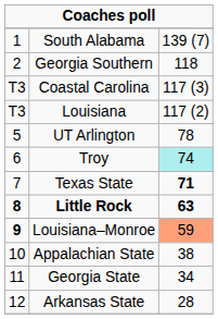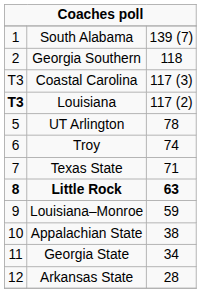 <table class="wikitable">
 <tr align="center">
 <td align="center" Colspan="3"><strong>Coaches poll</strong></td>
 </tr>
 <tr align="center">
 </tr>
 <tr align="center">
 <td>1</td>
 <td>South Alabama</td>
 <td>139 (7)</td>
 </tr>
 <tr align="center">
 <td>2</td>
 <td>Georgia Southern</td>
 <td>118</td>
 </tr>
 <tr align="center">
 <td>T3</td>
 <td>Coastal Carolina</td>
 <td>117 (3)</td>
 </tr>
 <tr align="center">
-<td>T3</td>
+<td><strong>T3</strong></td>
 <td>Louisiana</td>
 <td>117 (2)</td>
 </tr>
 <tr align="center">
 <td>5</td>
 <td>UT Arlington</td>
 <td>78</td>
 </tr>
 <tr align="center">
 <td>6</td>
 <td>Troy</td>
-<td style="background: paleturquoise;">74</td>
+<td>74</td>
 </tr>
 <tr align="center">
 <td>7</td>
 <td>Texas State</td>
-<td><strong>71</strong></td>
+<td>71</td>
 </tr>
 <tr align="center">
 <td><strong>8</strong></td>
 <td><strong>Little Rock</strong></td>
 <td><strong>63</strong></td>
 </tr>
 <tr align="center">
-<td><strong>9</strong></td>
+<td>9</td>
 <td>Louisiana–Monroe</td>
-<td style="background: lightsalmon;">59</td>
+<td>59</td>
 </tr>
 <tr align="center">
 <td>10</td>
 <td>Appalachian State</td>
 <td>38</td>
 </tr>
 <tr align="center">
 <td>11</td>
 <td>Georgia State</td>
 <td>34</td>
 </tr>
 <tr align="center">
 <td>12</td>
 <td>Arkansas State</td>
 <td>28</td>
 </tr>
 <tr align="center">
 </tr>
 </table>
